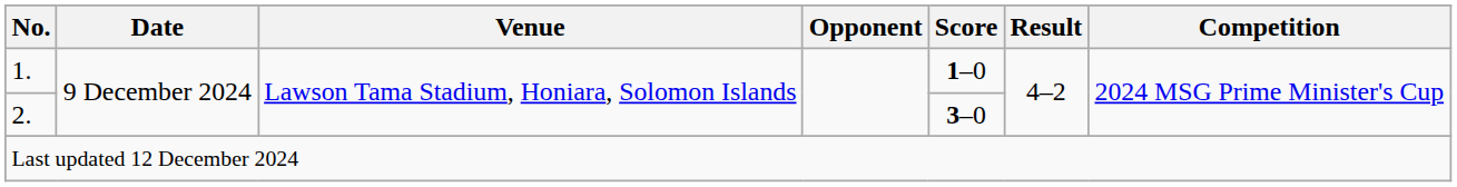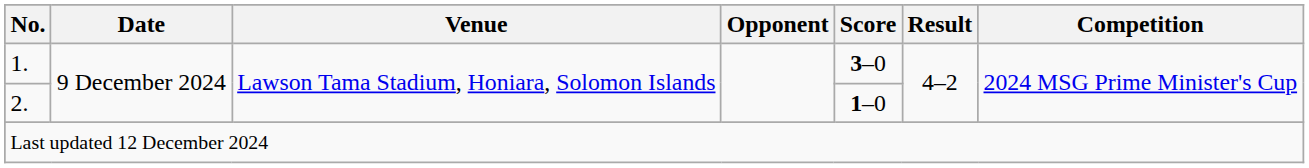 <table class="wikitable" style="font-size:85%;">
 <tr>
 <th>No.</th>
 <th>Date</th>
 <th>Venue</th>
 <th>Opponent</th>
 <th>Score</th>
 <th>Result</th>
 <th>Competition</th>
 </tr>
 <tr>
 <td>1.</td>
 <td rowspan=2>9 December 2024</td>
 <td rowspan=2><a href='#'>Lawson Tama Stadium</a>, <a href='#'>Honiara</a>, <a href='#'>Solomon Islands</a></td>
 <td rowspan=2></td>
-<td align=center><strong>1</strong>–0</td>
+<td align=center><strong>3</strong>–0</td>
 <td rowspan=2; align=center>4–2</td>
 <td rowspan=2><a href='#'>2024 MSG Prime Minister's Cup</a></td>
 </tr>
 <tr>
 <td>2.</td>
-<td align=center><strong>3</strong>–0</td>
+<td align=center><strong>1</strong>–0</td>
 </tr>
 <tr>
 <td colspan="7"><small>Last updated 12 December 2024</small></td>
 </tr>
 </table>
